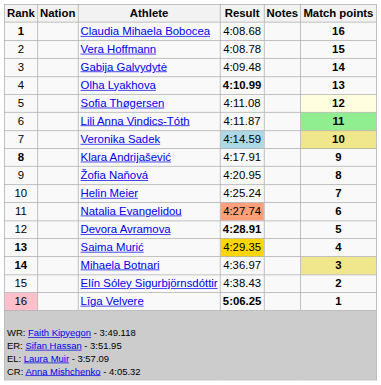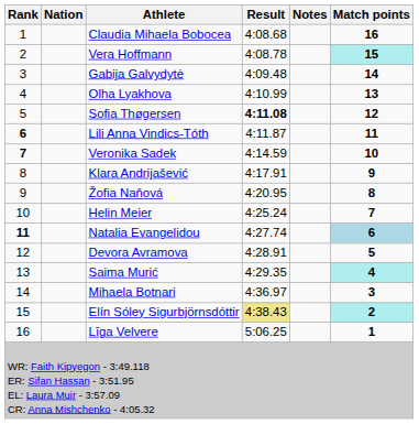 <table class="wikitable sortable" style="text-align:left;">
 <tr>
 <th>Rank</th>
 <th>Nation</th>
 <th>Athlete</th>
 <th>Result</th>
 <th>Notes</th>
 <th>Match points</th>
 </tr>
 <tr>
-<td align=center><strong>1</strong></td>
+<td align=center>1</td>
 <td></td>
 <td><a href='#'>Claudia Mihaela Bobocea</a></td>
 <td align=center>4:08.68</td>
 <td></td>
 <td align=center><strong>16</strong></td>
 </tr>
 <tr>
 <td align=center>2</td>
 <td></td>
 <td><a href='#'>Vera Hoffmann</a></td>
 <td align=center>4:08.78</td>
 <td></td>
-<td align=center><strong>15</strong></td>
+<td align=center style="background: paleturquoise;"><strong>15</strong></td>
 </tr>
 <tr>
 <td align=center>3</td>
 <td></td>
 <td><a href='#'>Gabija Galvydytė</a></td>
 <td align=center>4:09.48</td>
 <td align=center></td>
 <td align=center><strong>14</strong></td>
 </tr>
 <tr>
 <td align=center>4</td>
 <td></td>
 <td><a href='#'>Olha Lyakhova</a></td>
-<td align=center><strong>4:10.99</strong></td>
+<td align=center>4:10.99</td>
 <td align=center></td>
 <td align=center><strong>13</strong></td>
 </tr>
 <tr>
 <td align=center>5</td>
 <td></td>
 <td><a href='#'>Sofia Thøgersen</a></td>
-<td align=center>4:11.08</td>
+<td align=center><strong>4:11.08</strong></td>
 <td align=center></td>
-<td align=center style="background: lightyellow;"><strong>12</strong></td>
+<td align=center><strong>12</strong></td>
 </tr>
 <tr>
-<td align=center>6</td>
+<td align=center><strong>6</strong></td>
 <td></td>
 <td><a href='#'>Lili Anna Vindics-Tóth</a></td>
 <td align=center>4:11.87</td>
 <td align=center></td>
-<td align=center style="background: lightgreen;"><strong>11</strong></td>
+<td align=center><strong>11</strong></td>
 </tr>
 <tr>
-<td align=center>7</td>
+<td align=center><strong>7</strong></td>
 <td></td>
 <td><a href='#'>Veronika Sadek</a></td>
-<td align=center style="background: lightblue;">4:14.59</td>
+<td align=center>4:14.59</td>
 <td align=center></td>
-<td align=center style="background: khaki;"><strong>10</strong></td>
+<td align=center><strong>10</strong></td>
 </tr>
 <tr>
-<td align=center><strong>8</strong></td>
+<td align=center>8</td>
 <td></td>
 <td><a href='#'>Klara Andrijašević</a></td>
 <td align=center>4:17.91</td>
 <td align=center></td>
 <td align=center><strong>9</strong></td>
 </tr>
 <tr>
 <td align=center>9</td>
 <td></td>
 <td><a href='#'>Žofia Naňová</a></td>
 <td align=center>4:20.95</td>
 <td align=center></td>
 <td align=center><strong>8</strong></td>
 </tr>
 <tr>
 <td align=center>10</td>
 <td></td>
 <td><a href='#'>Helin Meier</a></td>
 <td align=center>4:25.24</td>
 <td align=center></td>
 <td align=center><strong>7</strong></td>
 </tr>
 <tr>
-<td align=center>11</td>
+<td align=center><strong>11</strong></td>
 <td></td>
 <td><a href='#'>Natalia Evangelidou</a></td>
-<td align=center style="background: lightsalmon;">4:27.74</td>
+<td align=center>4:27.74</td>
 <td></td>
-<td align=center><strong>6</strong></td>
+<td align=center style="background: lightblue;"><strong>6</strong></td>
 </tr>
 <tr>
 <td align=center>12</td>
 <td></td>
 <td><a href='#'>Devora Avramova</a></td>
-<td align=center><strong>4:28.91</strong></td>
+<td align=center>4:28.91</td>
 <td align=center></td>
 <td align=center><strong>5</strong></td>
 </tr>
 <tr>
-<td align=center><strong>13</strong></td>
+<td align=center>13</td>
 <td></td>
 <td><a href='#'>Saima Murić</a></td>
-<td align=center style="background: gold;">4:29.35</td>
+<td align=center>4:29.35</td>
 <td></td>
-<td align=center><strong>4</strong></td>
+<td align=center style="background: paleturquoise;"><strong>4</strong></td>
 </tr>
 <tr>
-<td align=center><strong>14</strong></td>
+<td align=center>14</td>
 <td></td>
 <td><a href='#'>Mihaela Botnari</a></td>
 <td align=center>4:36.97</td>
 <td align=center></td>
-<td align=center style="background: khaki;"><strong>3</strong></td>
+<td align=center><strong>3</strong></td>
 </tr>
 <tr>
 <td align=center>15</td>
 <td></td>
 <td><a href='#'>Elín Sóley Sigurbjörnsdóttir</a></td>
-<td align=center>4:38.43</td>
+<td align=center style="background: khaki;">4:38.43</td>
 <td align=center></td>
-<td align=center><strong>2</strong></td>
+<td align=center style="background: paleturquoise;"><strong>2</strong></td>
 </tr>
 <tr>
-<td align=center style="background: pink;">16</td>
+<td align=center>16</td>
 <td></td>
 <td><a href='#'>Līga Velvere</a></td>
-<td align=center><strong>5:06.25</strong></td>
+<td align=center>5:06.25</td>
 <td></td>
 <td align=center><strong>1</strong></td>
 </tr>
 <tr>
 <td colspan="6" bgcolor="#cccccc"><br> <small>WR:   <a href='#'>Faith Kipyegon</a> - 3:49.118<br>ER:  <a href='#'>Sifan Hassan</a> - 3:51.95<br></small> <small>EL:   <a href='#'>Laura Muir</a> - 3:57.09<br>CR:  <a href='#'>Anna Mishchenko</a> - 4:05.32</small></td>
 </tr>
 </table>
